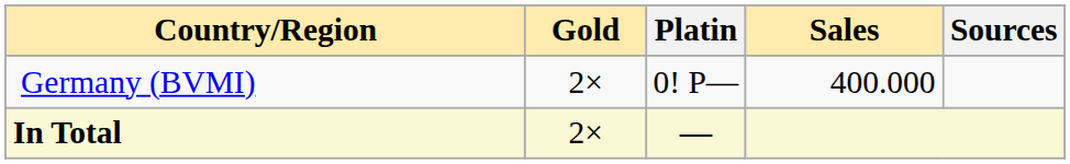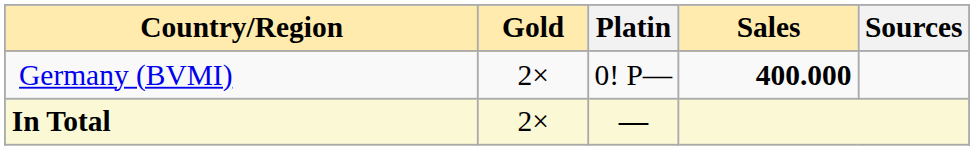 <table class='wikitable charts-table charts-tbor charts-zebragrey sortable' style='max-width:100%'>
 <tr>
 <th style="width:250px;background-color:#FFEBAD;" class='charts-th'>Country/Region</th>
 <th style="width:52px;background-color:#FFEBAD;" class='charts-trh' data-sort-type='number'> Gold</th>
 <th class='charts-trh' data-sort-type='number'> Platin</th>
 <th style="width:90px;background-color:#FFEBAD;" class='charts-trh' data-sort-type='number'>Sales</th>
 <th class='unsortable charts-trh'>Sources</th>
 </tr>
 <tr>
 <td> <a href='#'>Germany (BVMI)</a></td>
 <td style='text-align:center;' data-sort-value='2'><span>2×</span></td>
 <td style='text-align:center;' class='charts-hidm'><span>0! P</span>—</td>
-<td style='text-align:right;'>400.000</td>
+<td style='text-align:right;'><strong>400.000</strong></td>
 <td></td>
 </tr>
 <tr style="background:#FBF8D6;" class="sortbottom">
 <td style="font-weight:bold;">In Total</td>
 <td style="text-align:center;"><span>2×</span></td>
 <td style="text-align:center;font-weight:bold;" class="charts-hidm">—</td>
 <td colspan="2"></td>
 </tr>
 </table>
